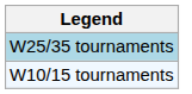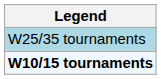 <table class="wikitable" style="font-size:85%">
 <tr>
 <th>Legend</th>
 </tr>
 <tr style="background:lightblue;">
 <td>W25/35 tournaments</td>
 </tr>
 <tr style="background:#f0f8ff;">
-<td>W10/15 tournaments</td>
+<td><strong>W10/15 tournaments</strong></td>
 </tr>
 </table>
